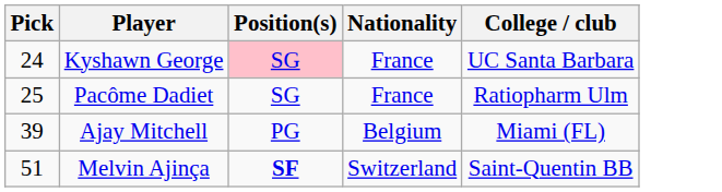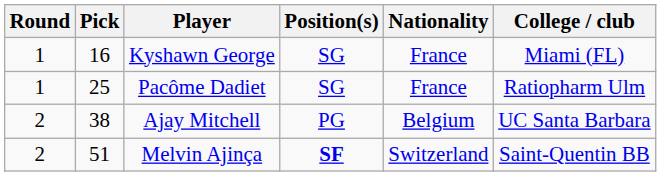 <table class="wikitable sortable sortable">
 <tr>
+<th>Round</th>
 <th>Pick</th>
 <th>Player</th>
 <th>Position(s)</th>
 <th>Nationality</th>
 <th>College / club</th>
 </tr>
 <tr style="text-align: center">
-<td>24</td>
+<td>1</td>
+<td>16</td>
 <td><a href='#'>Kyshawn George</a></td>
-<td style="background: pink;"><a href='#'>SG</a></td>
+<td><a href='#'>SG</a></td>
 <td> <a href='#'>France</a></td>
-<td><a href='#'>UC Santa Barbara</a></td>
+<td><a href='#'>Miami (FL)</a></td>
 </tr>
 <tr style="text-align: center">
+<td>1</td>
 <td>25</td>
 <td><a href='#'>Pacôme Dadiet</a></td>
 <td><a href='#'>SG</a></td>
 <td> <a href='#'>France</a></td>
 <td><a href='#'>Ratiopharm Ulm</a> </td>
 </tr>
 <tr style="text-align: center">
-<td>39</td>
+<td>2</td>
+<td>38</td>
 <td><a href='#'>Ajay Mitchell</a></td>
 <td><a href='#'>PG</a></td>
 <td> <a href='#'>Belgium</a></td>
-<td><a href='#'>Miami (FL)</a></td>
+<td><a href='#'>UC Santa Barbara</a></td>
 </tr>
 <tr style="text-align: center">
+<td>2</td>
 <td>51</td>
 <td><a href='#'>Melvin Ajinça</a></td>
 <td><strong><a href='#'>SF</a></strong></td>
 <td> <a href='#'>Switzerland</a></td>
 <td><a href='#'>Saint-Quentin BB</a> </td>
 </tr>
 </table>
